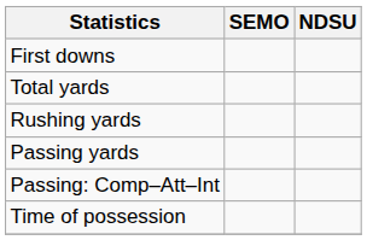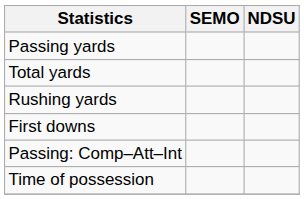 <table class="wikitable" style="float: left;">
 <tr>
 <th>Statistics</th>
 <th>SEMO</th>
 <th>NDSU</th>
 </tr>
 <tr>
-<td>First downs</td>
+<td>Passing yards</td>
 <td></td>
 <td></td>
 </tr>
 <tr>
 <td>Total yards</td>
 <td></td>
 <td></td>
 </tr>
 <tr>
 <td>Rushing yards</td>
 <td></td>
 <td></td>
 </tr>
 <tr>
-<td>Passing yards</td>
+<td>First downs</td>
 <td></td>
 <td></td>
 </tr>
 <tr>
 <td>Passing: Comp–Att–Int</td>
 <td></td>
 <td></td>
 </tr>
 <tr>
 <td>Time of possession</td>
 <td></td>
 <td></td>
 </tr>
 <tr>
 </tr>
 </table>
